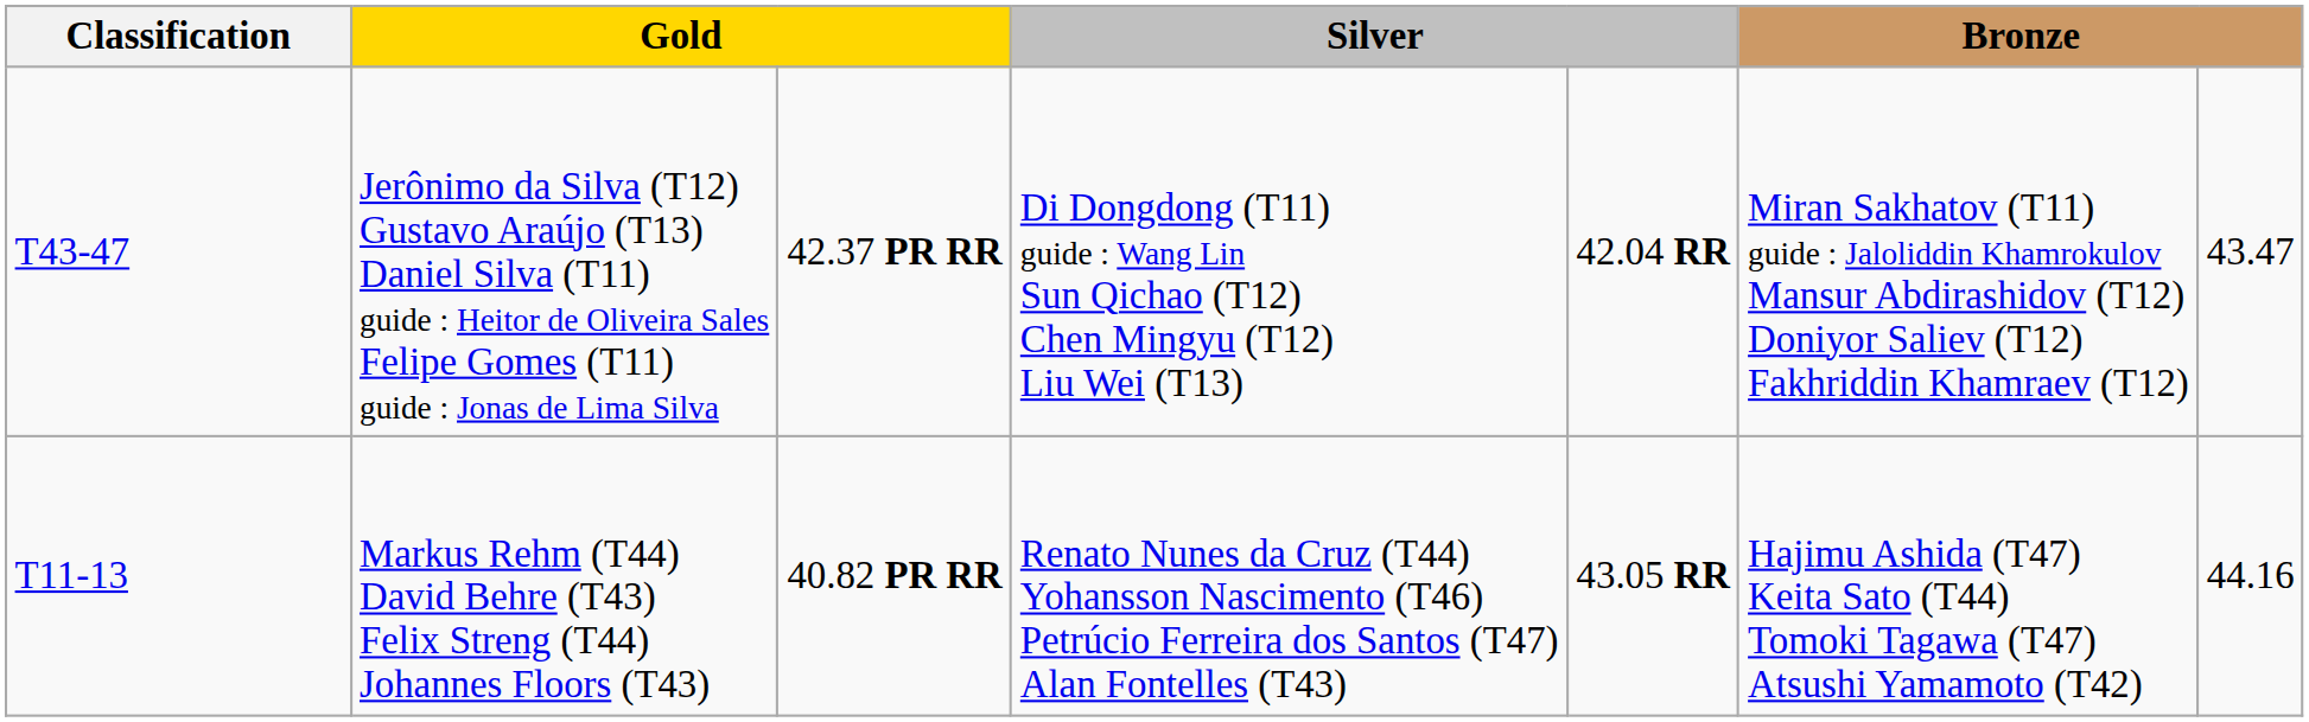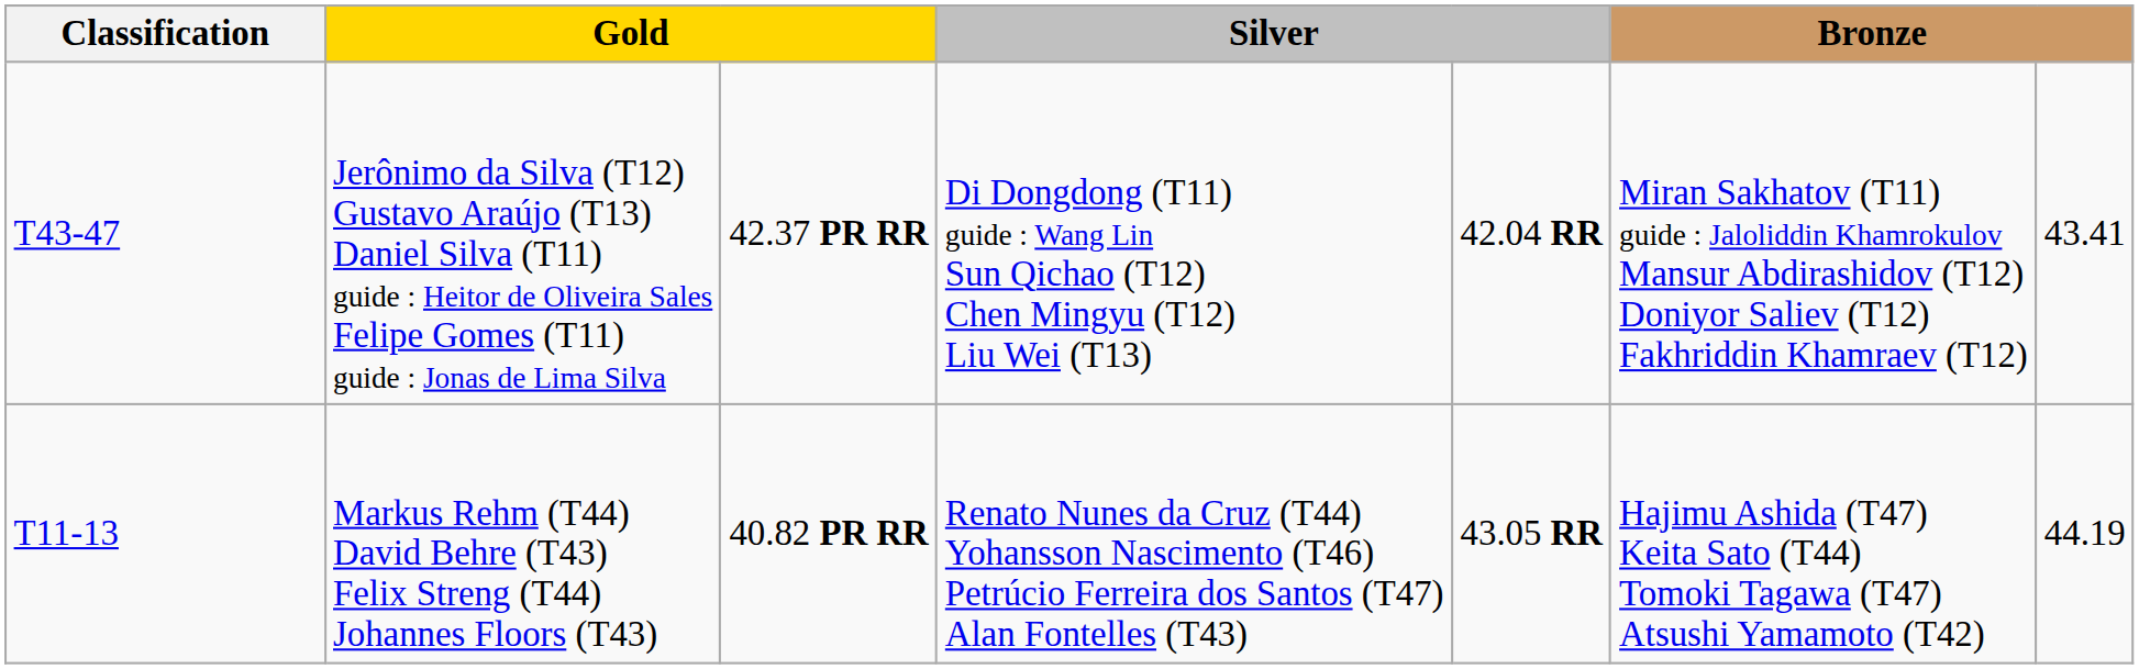 <table class=wikitable style="font-size:100%">
 <tr>
 <th rowspan="1" width="15%">Classification</th>
 <th colspan="2" style="background:gold;">Gold</th>
 <th colspan="2" style="background:silver;">Silver</th>
 <th colspan="2" style="background:#CC9966;">Bronze</th>
 </tr>
 <tr>
 <td><a href='#'>T43-47</a> <br></td>
 <td><br><br><a href='#'>Jerônimo da Silva</a> (T12)<br><a href='#'>Gustavo Araújo</a> (T13)<br><a href='#'>Daniel Silva</a> (T11)<br><small> guide : <a href='#'>Heitor de Oliveira Sales</a></small><br><a href='#'>Felipe Gomes</a> (T11)<br><small> guide : <a href='#'>Jonas de Lima Silva</a></small></td>
 <td>42.37 <strong>PR</strong> <strong> RR</strong></td>
 <td> <br><br><a href='#'>Di Dongdong</a> (T11) <br><small>guide : <a href='#'>Wang Lin</a></small><br><a href='#'>Sun Qichao</a> (T12)<br><a href='#'>Chen Mingyu</a> (T12)<br><a href='#'>Liu Wei</a> (T13)</td>
 <td>42.04 <strong>RR</strong></td>
 <td> <br><br><a href='#'>Miran Sakhatov</a> (T11) <br><small>guide : <a href='#'>Jaloliddin Khamrokulov</a></small><br><a href='#'>Mansur Abdirashidov</a> (T12)<br><a href='#'>Doniyor Saliev</a> (T12)<br> <a href='#'>Fakhriddin Khamraev</a> (T12)</td>
-<td>43.47</td>
+<td>43.41</td>
 </tr>
 <tr>
 <td><a href='#'>T11-13</a> <br></td>
 <td><br><br><a href='#'>Markus Rehm</a> (T44)<br><a href='#'>David Behre</a> (T43)<br><a href='#'>Felix Streng</a> (T44)<br><a href='#'>Johannes Floors</a> (T43)</td>
 <td>40.82 <strong>PR</strong> <strong> RR</strong></td>
 <td><br><br><a href='#'>Renato Nunes da Cruz</a> (T44)<br><a href='#'>Yohansson Nascimento</a> (T46)<br><a href='#'>Petrúcio Ferreira dos Santos</a> (T47)<br><a href='#'>Alan Fontelles</a> (T43)</td>
 <td>43.05 <strong>RR</strong></td>
 <td><br><br><a href='#'>Hajimu Ashida</a> (T47)<br><a href='#'>Keita Sato</a> (T44)<br><a href='#'>Tomoki Tagawa</a> (T47)<br><a href='#'>Atsushi Yamamoto</a> (T42)</td>
-<td>44.16</td>
+<td>44.19</td>
 </tr>
 </table>
